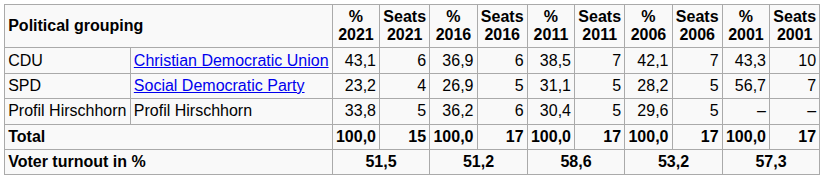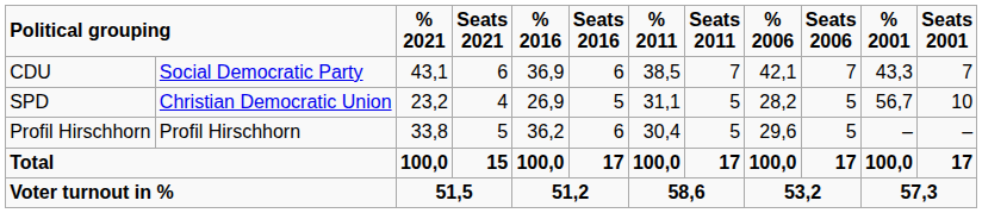 <table class="wikitable">
 <tr>
 <td colspan="2"><strong>Political grouping</strong></td>
 <td align="center"><strong>%<br>2021</strong></td>
 <td align="center"><strong>Seats<br>2021</strong></td>
 <td align="center"><strong>%<br>2016</strong></td>
 <td align="center"><strong>Seats<br>2016</strong></td>
 <td align="center"><strong>%<br>2011</strong></td>
 <td align="center"><strong>Seats<br>2011</strong></td>
 <td align="center"><strong>%<br>2006</strong></td>
 <td align="center"><strong>Seats<br>2006</strong></td>
 <td align="center"><strong>%<br>2001</strong></td>
 <td align="center"><strong>Seats<br>2001</strong></td>
 </tr>
 <tr>
 <td>CDU</td>
-<td align=left><a href='#'>Christian Democratic Union</a></td>
+<td><a href='#'>Social Democratic Party</a></td>
 <td align="right">43,1</td>
 <td align="right">6</td>
 <td align="right">36,9</td>
 <td align="right">6</td>
 <td align="right">38,5</td>
 <td align="right">7</td>
 <td align="right">42,1</td>
 <td align="right">7</td>
 <td align="right">43,3</td>
-<td align="right">10</td>
+<td align="right">7</td>
 </tr>
 <tr>
 <td>SPD</td>
-<td><a href='#'>Social Democratic Party</a></td>
+<td align=left><a href='#'>Christian Democratic Union</a></td>
 <td align="right">23,2</td>
 <td align="right">4</td>
 <td align="right">26,9</td>
 <td align="right">5</td>
 <td align="right">31,1</td>
 <td align="right">5</td>
 <td align="right">28,2</td>
 <td align="right">5</td>
 <td align="right">56,7</td>
-<td align="right">7</td>
+<td align="right">10</td>
 </tr>
 <tr>
 <td>Profil Hirschhorn</td>
 <td>Profil Hirschhorn</td>
 <td align="right">33,8</td>
 <td align="right">5</td>
 <td align="right">36,2</td>
 <td align="right">6</td>
 <td align="right">30,4</td>
 <td align="right">5</td>
 <td align="right">29,6</td>
 <td align="right">5</td>
 <td align="right">–</td>
 <td align="right">–</td>
 </tr>
 <tr class="hintergrundfarbe5">
 <td colspan="2"><strong>Total</strong></td>
 <td align="right"><strong>100,0</strong></td>
 <td align="right"><strong>15</strong></td>
 <td align="right"><strong>100,0</strong></td>
 <td align="right"><strong>17</strong></td>
 <td align="right"><strong>100,0</strong></td>
 <td align="right"><strong>17</strong></td>
 <td align="right"><strong>100,0</strong></td>
 <td align="right"><strong>17</strong></td>
 <td align="right"><strong>100,0</strong></td>
 <td align="right"><strong>17</strong></td>
 </tr>
 <tr class="hintergrundfarbe5">
 <td colspan="2"><strong>Voter turnout in %</strong></td>
 <td colspan="2" align="center"><strong>51,5</strong></td>
 <td colspan="2" align="center"><strong>51,2</strong></td>
 <td colspan="2" align="center"><strong>58,6</strong></td>
 <td colspan="2" align="center"><strong>53,2</strong></td>
 <td colspan="2" align="center"><strong>57,3</strong></td>
 </tr>
 </table>
